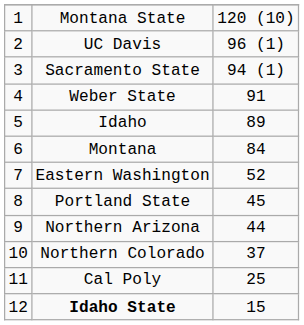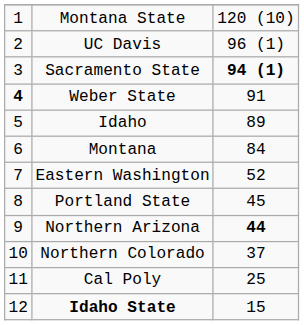 <table class="wikitable" style="display: inline-table;">
 <tr align="center">
 </tr>
 <tr align="center">
 <td>1</td>
 <td>Montana State</td>
 <td>120 (10)</td>
 </tr>
 <tr align="center">
 <td>2</td>
 <td>UC Davis</td>
 <td>96 (1)</td>
 </tr>
 <tr align="center">
 <td>3</td>
 <td>Sacramento State</td>
-<td>94 (1)</td>
+<td><strong>94 (1)</strong></td>
 </tr>
 <tr align="center">
-<td>4</td>
+<td><strong>4</strong></td>
 <td>Weber State</td>
 <td>91</td>
 </tr>
 <tr align="center">
 <td>5</td>
 <td>Idaho</td>
 <td>89</td>
 </tr>
 <tr align="center">
 <td>6</td>
 <td>Montana</td>
 <td>84</td>
 </tr>
 <tr align="center">
 <td>7</td>
 <td>Eastern Washington</td>
 <td>52</td>
 </tr>
 <tr align="center">
 <td>8</td>
 <td>Portland State</td>
 <td>45</td>
 </tr>
 <tr align="center">
 <td>9</td>
 <td>Northern Arizona</td>
-<td>44</td>
+<td><strong>44</strong></td>
 </tr>
 <tr align="center">
 <td>10</td>
 <td>Northern Colorado</td>
 <td>37</td>
 </tr>
 <tr align="center">
 <td>11</td>
 <td>Cal Poly</td>
 <td>25</td>
 </tr>
 <tr align="center">
 <td>12</td>
 <td><strong>Idaho State</strong></td>
 <td>15</td>
 </tr>
 </table>
